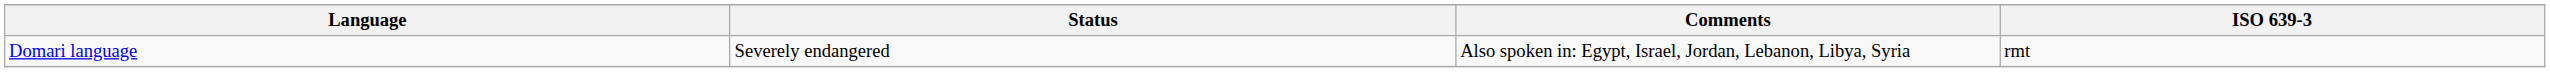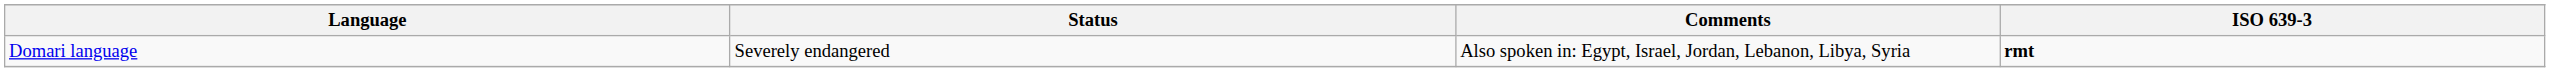 <table class="wikitable" align="center" style="font-size:90%">
 <tr>
 </tr>
 <tr>
 <th width="20%">Language</th>
 <th width="20%">Status</th>
 <th width="15%">Comments</th>
 <th width="15%">ISO 639-3</th>
 </tr>
 <tr>
 <td><a href='#'>Domari language</a></td>
 <td>Severely endangered</td>
 <td>Also spoken in: Egypt, Israel, Jordan, Lebanon, Libya, Syria</td>
-<td>rmt</td>
+<td><strong>rmt</strong></td>
 </tr>
 <tr>
 </tr>
 </table>
